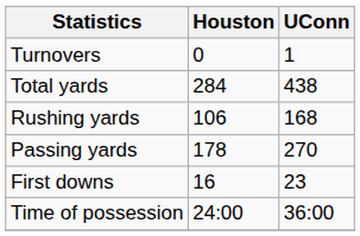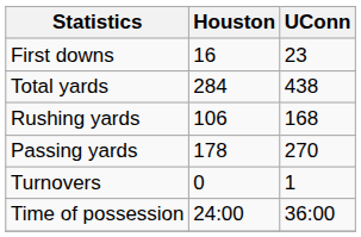 <table class="wikitable" style="float: right;">
 <tr>
 <th>Statistics</th>
 <th>Houston</th>
 <th>UConn</th>
 </tr>
 <tr>
-<td>Turnovers</td>
-<td>0</td>
-<td>1</td>
+<td>First downs</td>
+<td>16</td>
+<td>23</td>
 </tr>
 <tr>
 <td>Total yards</td>
 <td>284</td>
 <td>438</td>
 </tr>
 <tr>
 <td>Rushing yards</td>
 <td>106</td>
 <td>168</td>
 </tr>
 <tr>
 <td>Passing yards</td>
 <td>178</td>
 <td>270</td>
 </tr>
 <tr>
-<td>First downs</td>
-<td>16</td>
-<td>23</td>
+<td>Turnovers</td>
+<td>0</td>
+<td>1</td>
 </tr>
 <tr>
 <td>Time of possession</td>
 <td>24:00</td>
 <td>36:00</td>
 </tr>
 <tr>
 </tr>
 </table>
